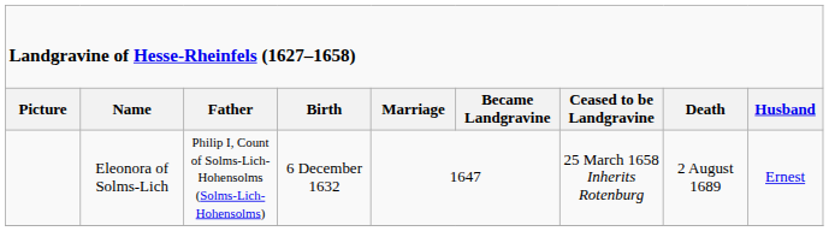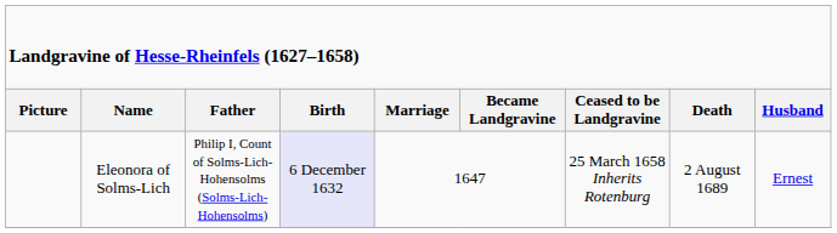 <table width=95% class="wikitable">
 <tr>
 <td colspan="9"><br><h3>Landgravine of <a href='#'>Hesse-Rheinfels</a> (1627–1658)</h3></td>
 </tr>
 <tr>
 <th width = "8%">Picture</th>
 <th width = "11%">Name</th>
 <th width = "10%">Father</th>
 <th width = "10%">Birth</th>
 <th width = "9%">Marriage</th>
 <th width = "9%">Became Landgravine</th>
 <th width = "9%">Ceased to be Landgravine</th>
 <th width = "9%">Death</th>
 <th width = "6%"><a href='#'>Husband</a></th>
 </tr>
 <tr>
 <td align="center"></td>
 <td align="center">Eleonora of Solms-Lich</td>
 <td align="center"><small>Philip I, Count of Solms-Lich-Hohensolms<br>(<a href='#'>Solms-Lich-Hohensolms</a>)</small></td>
-<td align="center">6 December 1632</td>
+<td align="center" style="background: lavender;">6 December 1632</td>
 <td align="center" colspan="2">1647</td>
 <td align="center">25 March 1658<br><em>Inherits Rotenburg</em></td>
 <td align="center">2 August 1689</td>
 <td align="center"><a href='#'>Ernest</a></td>
 </tr>
 <tr>
 </tr>
 </table>
